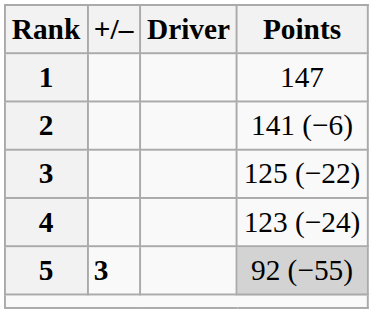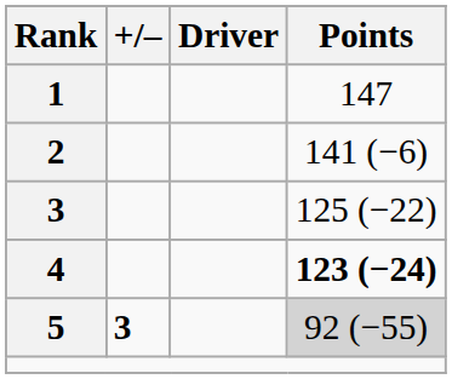 <table class="wikitable sortable" style="font-size: 95%;">
 <tr>
 </tr>
 <tr>
 <th scope="col">Rank</th>
 <th scope="col">+/–</th>
 <th scope="col">Driver</th>
 <th scope="col">Points</th>
 </tr>
 <tr>
 <th scope="row">1</th>
 <td align="left"></td>
 <td></td>
 <td align="center">147</td>
 </tr>
 <tr>
 <th scope="row">2</th>
 <td align="left"></td>
 <td></td>
 <td align="center">141 (−6)</td>
 </tr>
 <tr>
 <th scope="row">3</th>
 <td align="left"></td>
 <td></td>
 <td align="center">125 (−22)</td>
 </tr>
 <tr>
 <th scope="row">4</th>
 <td align="left"></td>
 <td></td>
-<td align="center">123 (−24)</td>
+<td align="center"><strong>123 (−24)</strong></td>
 </tr>
 <tr>
 <th scope="row">5</th>
 <td align="left"><strong> 3</strong></td>
 <td></td>
 <td align="center" style="background: lightgrey;">92 (−55)</td>
 </tr>
 <tr class="sortbottom">
 <td colspan="9"></td>
 </tr>
 </table>
